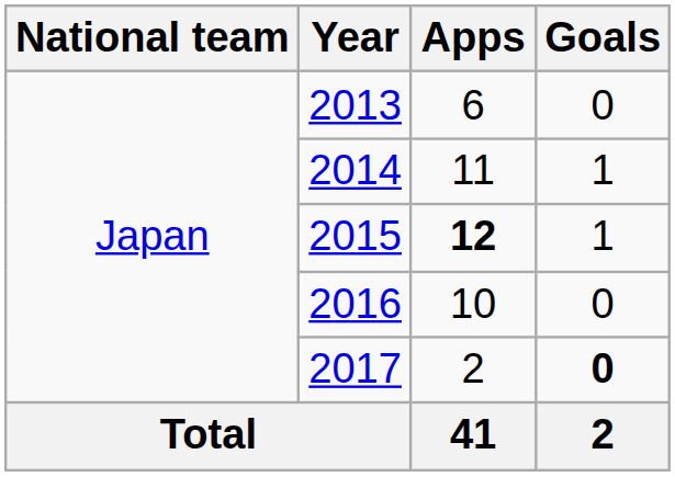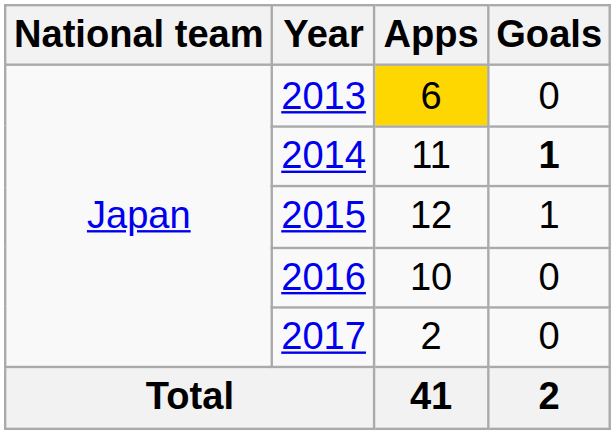 <table class="wikitable" style="text-align:center">
 <tr>
 <th>National team</th>
 <th>Year</th>
 <th>Apps</th>
 <th>Goals</th>
 </tr>
 <tr>
 <td rowspan="5"><a href='#'>Japan</a></td>
 <td><a href='#'>2013</a></td>
-<td>6</td>
+<td style="background: gold;">6</td>
 <td>0</td>
 </tr>
 <tr>
 <td><a href='#'>2014</a></td>
 <td>11</td>
-<td>1</td>
+<td><strong>1</strong></td>
 </tr>
 <tr>
 <td><a href='#'>2015</a></td>
-<td><strong>12</strong></td>
+<td>12</td>
 <td>1</td>
 </tr>
 <tr>
 <td><a href='#'>2016</a></td>
 <td>10</td>
 <td>0</td>
 </tr>
 <tr>
 <td><a href='#'>2017</a></td>
 <td>2</td>
-<td><strong>0</strong></td>
+<td>0</td>
 </tr>
 <tr>
 <th colspan="2">Total</th>
 <th>41</th>
 <th>2</th>
 </tr>
 </table>
